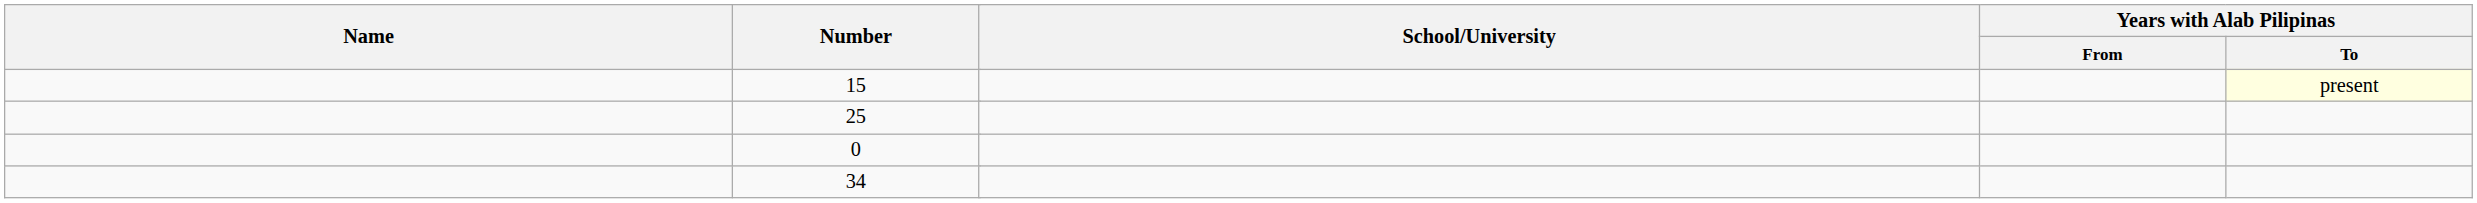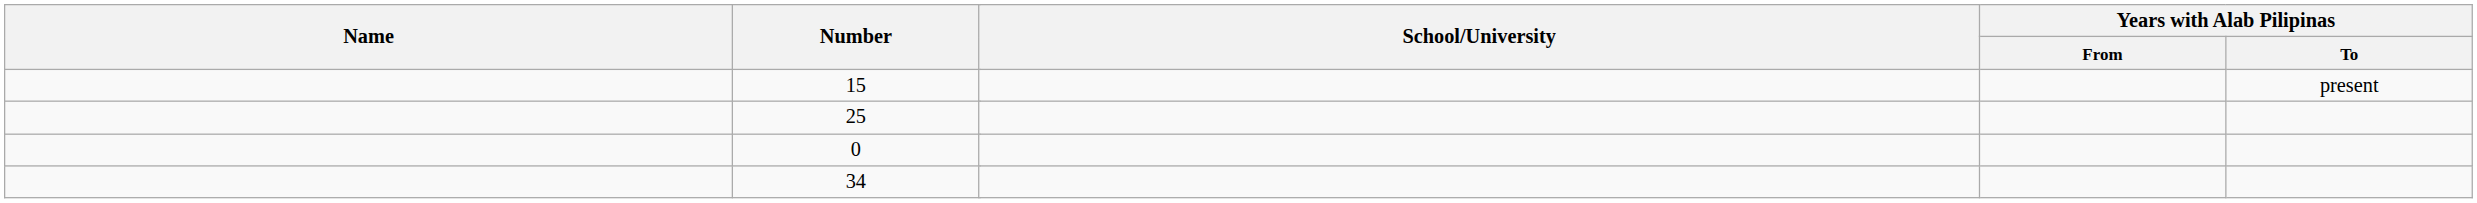 <table class="wikitable sortable" style="text-align:center" width="98%">
 <tr>
 <th style="width:180px;" rowspan="2">Name</th>
 <th style="width:10%;" colspan="2" rowspan="2">Number</th>
 <th style="width:250px;" rowspan="2">School/University</th>
 <th style="width:180px; text-align:center;" colspan="2">Years with Alab Pilipinas</th>
 </tr>
 <tr>
 <th style="width:10%; text-align:center;"><small>From</small></th>
 <th style="width:10%; text-align:center;"><small>To</small></th>
 </tr>
 <tr>
 <td></td>
 <td colspan="2">15</td>
 <td></td>
 <td></td>
-<td style="background: lightyellow;">present</td>
+<td>present</td>
 </tr>
 <tr>
 <td></td>
 <td colspan="2">25</td>
 <td></td>
 <td></td>
 <td></td>
 </tr>
 <tr>
 <td></td>
 <td colspan="2">0</td>
 <td></td>
 <td></td>
 <td></td>
 </tr>
 <tr>
 <td></td>
 <td colspan="2">34</td>
 <td></td>
 <td></td>
 <td></td>
 </tr>
 </table>
